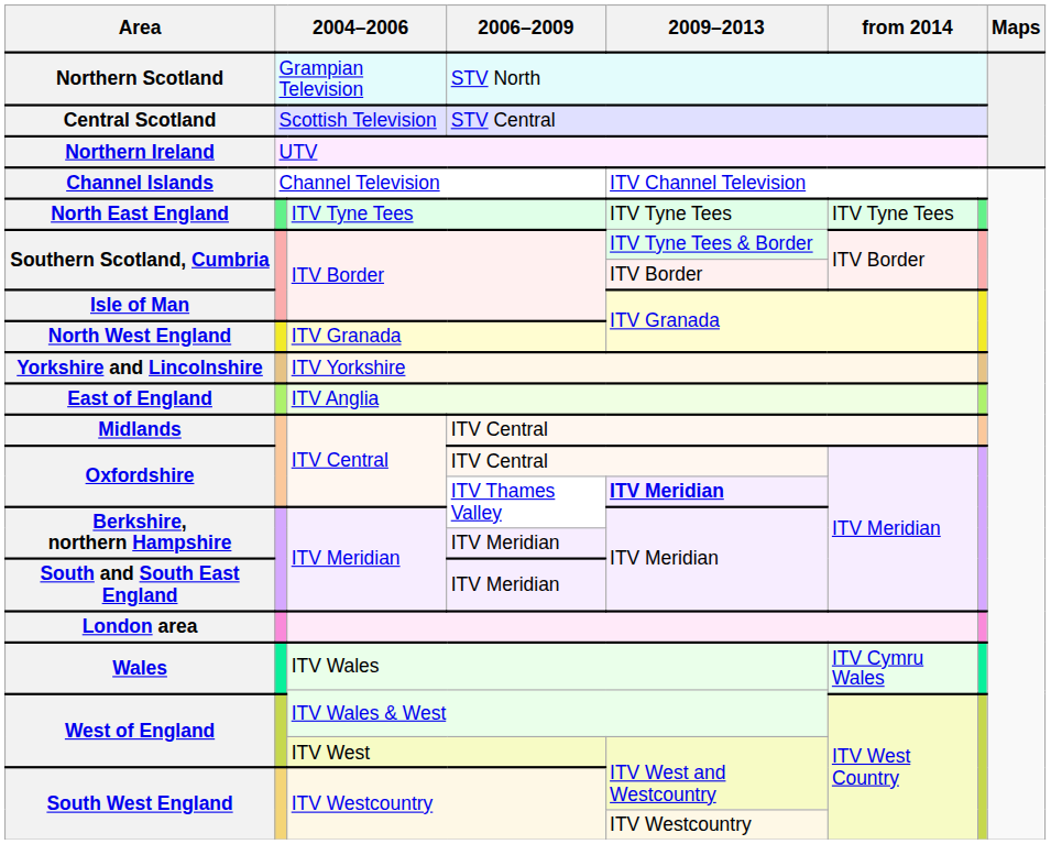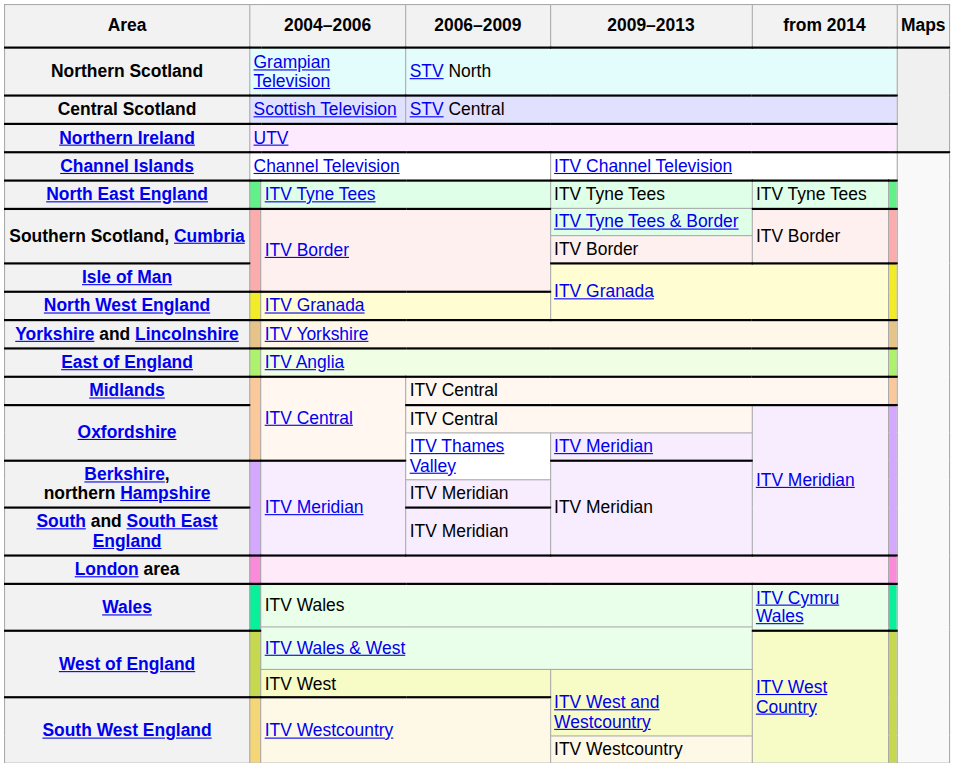 <table class="wikitable sortable" style="line-height:110%;">
 <tr>
 <th scope="row" style="line-height:200%;">Area</th>
 <th colspan="2">2004–2006</th>
 <th>2006–2009</th>
 <th>2009–2013</th>
 <th colspan="2">from 2014</th>
 <th>Maps</th>
 </tr>
 <tr style="border-top: 2px solid black;">
 <th scope="row">Northern Scotland</th>
 <td colspan="2" style="background:#e3fcfc;"><a href='#'>Grampian Television</a></td>
 <td colspan="4" style="background:#e3fcfc;"><a href='#'>STV</a> North</td>
 <td rowspan="3" style="background-color:#F0F0F0;"></td>
 </tr>
 <tr style="border-top: 2px solid black;">
 <th scope="row">Central Scotland</th>
 <td colspan="2" style="background:#e0e0ff;"><a href='#'>Scottish Television</a></td>
 <td colspan="4" style="background:#e0e0ff;"><a href='#'>STV</a> Central</td>
 </tr>
 <tr style="border-top: 2px solid black;">
 <th scope="row"><a href='#'>Northern Ireland</a></th>
 <td colspan="6" style="background:#feeaff;"><a href='#'>UTV</a></td>
 </tr>
 <tr style="border-top: 2px solid black;">
 <th scope="row"><a href='#'>Channel Islands</a></th>
 <td colspan="3" style="background-color:white;"><a href='#'>Channel Television</a></td>
 <td colspan="3" style="background-color:white;"><a href='#'>ITV Channel Television</a></td>
 <td rowspan="22" style="font-size: 85%; line-height:150%;"></td>
 </tr>
 <tr style="border-top: 2px solid black;">
 <th rowspan="2" scope="row"><a href='#'>North East England</a></th>
 <td rowspan="2" style="background-color:#62f189;"></td>
 <td rowspan="2" colspan="2" style="background-color:#e0ffe8;"><a href='#'>ITV Tyne Tees</a></td>
 <td style="background-color:#e0ffe8;"> ITV Tyne Tees</td>
 <td rowspan="2" style="background-color:#e0ffe8;">ITV Tyne Tees</td>
 <td rowspan="2" style="background-color:#62f189;"></td>
 </tr>
 <tr>
 <td rowspan="2" style="background-color:#e0ffe8;"> <a href='#'>ITV Tyne Tees & Border</a></td>
 </tr>
 <tr style="border-top: 2px solid black;">
 <th rowspan="2" scope="row">Southern Scotland, <a href='#'>Cumbria</a></th>
 <td rowspan="3" style="background-color:#fbacac;"></td>
 <td rowspan="3" colspan="2" style="background-color:#fff0f0;"><a href='#'>ITV Border</a></td>
 <td rowspan="2" style="background-color:#fff0f0;">ITV Border</td>
 <td rowspan="2" style="background-color:#fbacac;"></td>
 </tr>
 <tr>
 <td style="background-color:#fff0f0;"> ITV Border</td>
 </tr>
 <tr style="border-top: 2px solid black;">
 <th scope="row"><a href='#'>Isle of Man</a></th>
 <td rowspan="2" colspan="2" style="background-color:#fffdd1;"><a href='#'>ITV Granada</a></td>
 <td rowspan="2" style="background-color:#f2eb28;"></td>
 </tr>
 <tr style="border-top: 2px solid black;">
 <th scope="row"><a href='#'>North West England</a></th>
 <td style="background-color:#f2eb28;"></td>
 <td colspan="2" style="background-color:#fffdd1;"><a href='#'>ITV Granada</a></td>
 </tr>
 <tr style="border-top: 2px solid black;">
 <th scope="row"><a href='#'>Yorkshire</a> and <a href='#'>Lincolnshire</a></th>
 <td style="background-color:#e6c386;"></td>
 <td colspan="4" style="background:#fff7e8;"><a href='#'>ITV Yorkshire</a></td>
 <td style="background-color:#e6c386;"></td>
 </tr>
 <tr style="border-top: 2px solid black;">
 <th scope="row"><a href='#'>East of England</a></th>
 <td style="background-color:#adf26c;"></td>
 <td colspan="4" style="background-color:#f0ffe3;"><a href='#'>ITV Anglia</a></td>
 <td style="background-color:#adf26c;"></td>
 </tr>
 <tr style="border-top: 2px solid black;">
 <th scope="row"><a href='#'>Midlands</a></th>
 <td rowspan="3" style="background-color:#fbc89b;"></td>
 <td rowspan="3" style="background-color:#fff7f0;"><a href='#'>ITV Central</a></td>
 <td colspan="3" style="background-color:#fff7f0;">ITV Central</td>
 <td style="background-color:#fbc89b;"></td>
 </tr>
 <tr style="border-top: 2px solid black;">
 <th rowspan="2" scope="row"><a href='#'>Oxfordshire</a></th>
 <td colspan="2" style="background-color:#fff7f0;"> ITV Central</td>
 <td rowspan="5" style="background-color:#f7edff;"><a href='#'>ITV Meridian</a></td>
 <td rowspan="5" style="background-color:#d5a8ff;"></td>
 </tr>
 <tr>
 <td rowspan="2" style="background-color:white"> <a href='#'>ITV Thames Valley</a></td>
-<td style="background-color:#f7edff;"><strong> <a href='#'>ITV Meridian</a></strong></td>
+<td style="background-color:#f7edff;"> <a href='#'>ITV Meridian</a></td>
 </tr>
 <tr style="border-top: 2px solid black;">
 <th rowspan="2" scope="row"><a href='#'>Berkshire</a>,<br>northern <a href='#'>Hampshire</a></th>
 <td rowspan="3" style="background-color:#d5a8ff;"></td>
 <td rowspan="3" style="background-color:#f7edff;"><a href='#'>ITV Meridian</a></td>
 <td rowspan="3" style="background-color:#f7edff;">ITV Meridian</td>
 </tr>
 <tr>
 <td style="background-color:#f7edff;"> ITV Meridian</td>
 </tr>
 <tr style="border-top: 2px solid black;">
 <th scope="row"><a href='#'>South</a> and <a href='#'>South East England</a></th>
 <td style="background-color:#f7edff;">ITV Meridian</td>
 </tr>
 <tr style="border-top: 2px solid black;">
 <th scope="row"><a href='#'>London</a> area</th>
 <td style="background-color:#fa8ada;"></td>
 <td colspan="4" style="background-color:#ffeaf9;"></td>
 <td style="background-color:#fa8ada;"></td>
 </tr>
 <tr style="border-top: 2px solid black;">
 <th rowspan="2" scope="row"><a href='#'>Wales</a></th>
 <td rowspan="2" style="background-color:#09f09b;"></td>
 <td colspan="3" style="background-color:#eaffea; line-height:200%;"> ITV Wales</td>
 <td rowspan="2" style="background-color:#eaffea;"><a href='#'>ITV Cymru Wales</a></td>
 <td rowspan="2" style="background-color:#09f09b;"></td>
 </tr>
 <tr>
 <td rowspan="2" colspan="3" style="background-color:#eaffea; line-height:200%;"> <a href='#'>ITV Wales & West</a></td>
 </tr>
 <tr style="border-top: 2px solid black;">
 <th rowspan="2" scope="row"><a href='#'>West of England</a></th>
 <td rowspan="2" style="background-color:#c6d84d;"></td>
 <td rowspan="4" style="background-color:#f7fbc5;"><a href='#'>ITV West Country</a></td>
 <td rowspan="4" style="background-color:#c6d84d;"></td>
 </tr>
 <tr>
 <td colspan="2" style="background-color:#f7fbc5;">  ITV West</td>
 <td rowspan="2" style="background-color:#f7fbc5;"><br><a href='#'>ITV West and Westcountry</a></td>
 </tr>
 <tr style="border-top: 2px solid black;">
 <th rowspan="2" scope="row"><a href='#'>South West England</a></th>
 <td rowspan="2" style="background-color:#f4d577;"></td>
 <td rowspan="2" colspan="2" style="background-color:#fef8e6;"><a href='#'>ITV Westcountry</a></td>
 </tr>
 <tr>
 <td style="background-color:#fef8e6;"> ITV Westcountry</td>
 </tr>
 </table>
